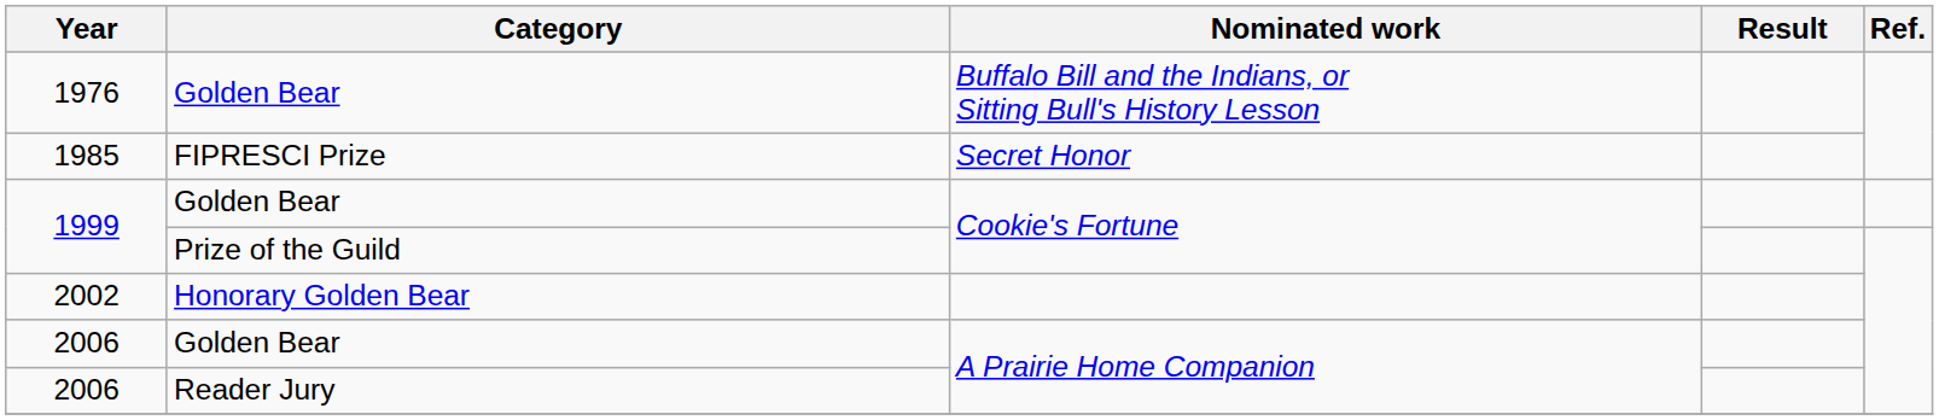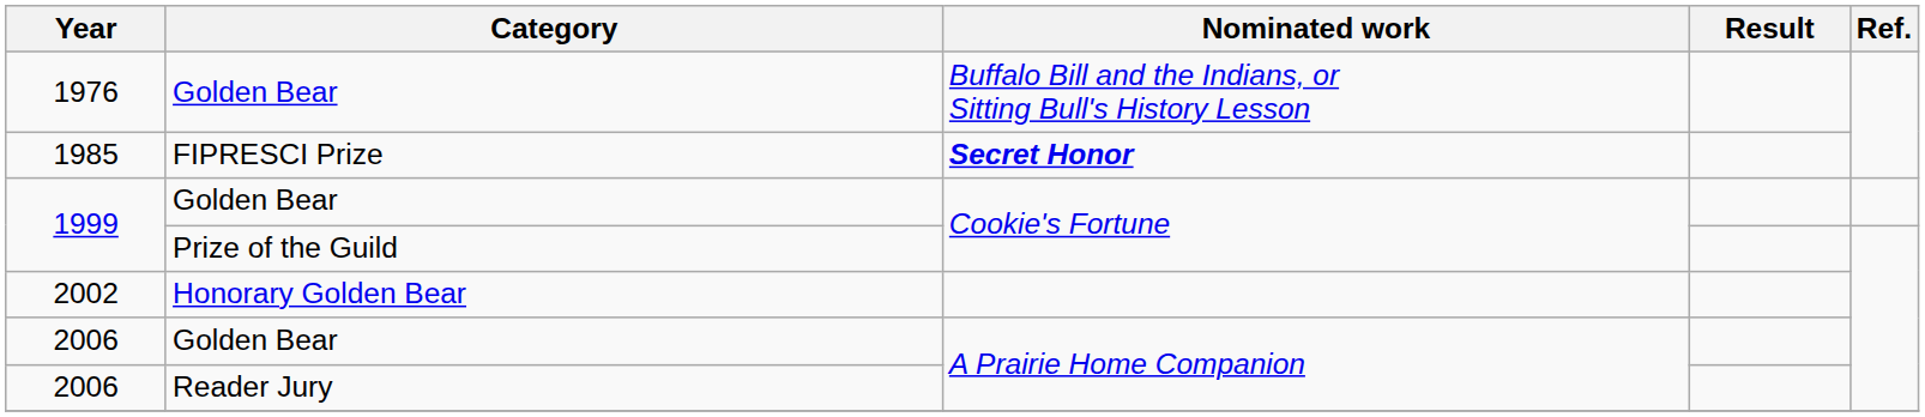 <table class=wikitable>
 <tr>
 <th scope="col" style="width:5em;">Year</th>
 <th scope="col" style="width:26em;">Category</th>
 <th scope="col" style="width:25em;">Nominated work</th>
 <th scope="col" style="width:5em;">Result</th>
 <th>Ref.</th>
 </tr>
 <tr>
 <td style="text-align:center;">1976</td>
 <td><a href='#'>Golden Bear</a></td>
 <td><em><a href='#'>Buffalo Bill and the Indians, or <br> Sitting Bull's History Lesson</a></em></td>
 <td></td>
 <td rowspan=2></td>
 </tr>
 <tr>
 <td style="text-align:center;">1985</td>
 <td>FIPRESCI Prize</td>
-<td><em><a href='#'>Secret Honor</a></em></td>
+<td><strong><em><a href='#'>Secret Honor</a></em></strong></td>
 <td></td>
 </tr>
 <tr>
 <td style="text-align:center;", rowspan=2><a href='#'>1999</a></td>
 <td>Golden Bear</td>
 <td rowspan="2"><em><a href='#'>Cookie's Fortune</a></em></td>
 <td></td>
 <td></td>
 </tr>
 <tr>
 <td>Prize of the Guild</td>
 <td></td>
 <td rowspan=4></td>
 </tr>
 <tr>
 <td style="text-align:center;">2002</td>
 <td><a href='#'>Honorary Golden Bear</a></td>
 <td></td>
 <td></td>
 </tr>
 <tr>
 <td style="text-align:center;">2006</td>
 <td>Golden Bear</td>
 <td rowspan="2"><em><a href='#'>A Prairie Home Companion</a></em></td>
 <td></td>
 </tr>
 <tr>
 <td style="text-align:center;">2006</td>
 <td>Reader Jury</td>
 <td></td>
 </tr>
 <tr>
 </tr>
 </table>
